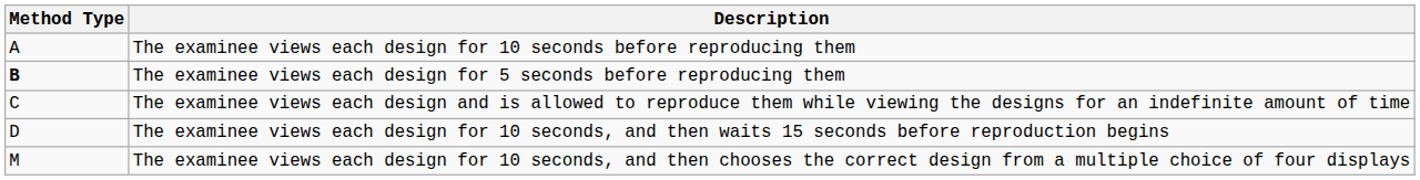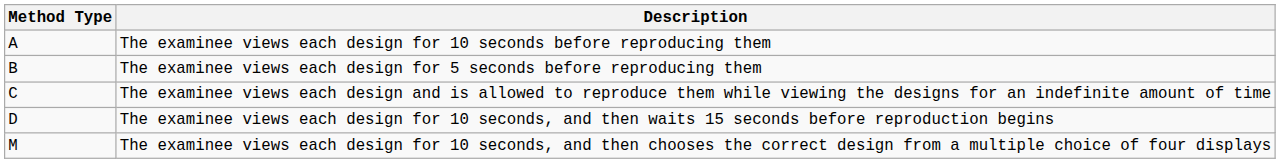 <table class="wikitable">
 <tr>
 <th>Method Type</th>
 <th>Description</th>
 </tr>
 <tr>
 <td>A</td>
 <td>The examinee views each design for 10 seconds before reproducing them</td>
 </tr>
 <tr>
-<td><strong>B</strong></td>
+<td>B</td>
 <td>The examinee views each design for 5 seconds before reproducing them</td>
 </tr>
 <tr>
 <td>C</td>
 <td>The examinee views each design and is allowed to reproduce them while viewing the designs for an indefinite amount of time</td>
 </tr>
 <tr>
 <td>D</td>
 <td>The examinee views each design for 10 seconds, and then waits 15 seconds before reproduction begins</td>
 </tr>
 <tr>
 <td>M</td>
 <td>The examinee views each design for 10 seconds, and then chooses the correct design from a multiple choice of four displays</td>
 </tr>
 </table>
